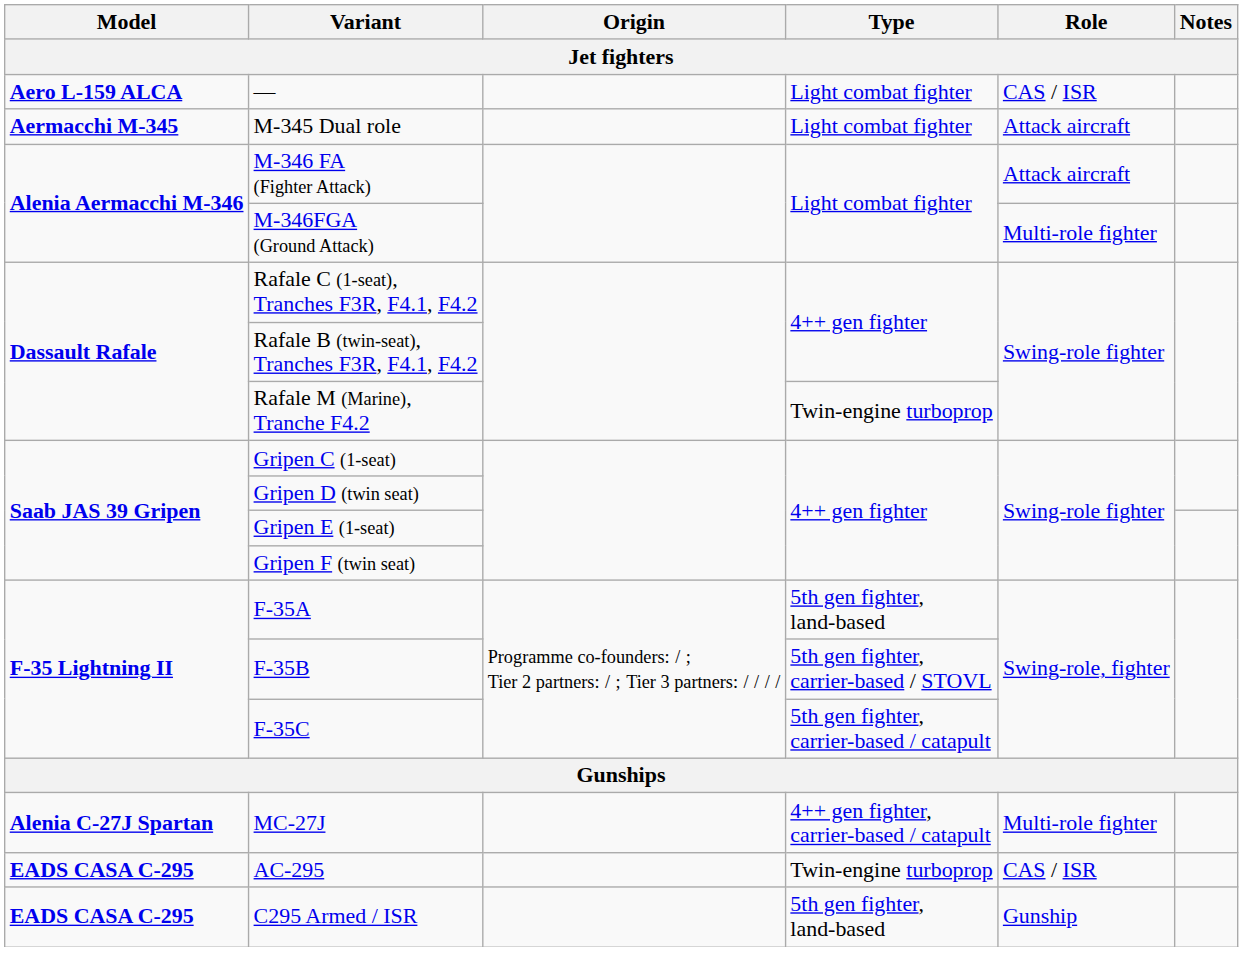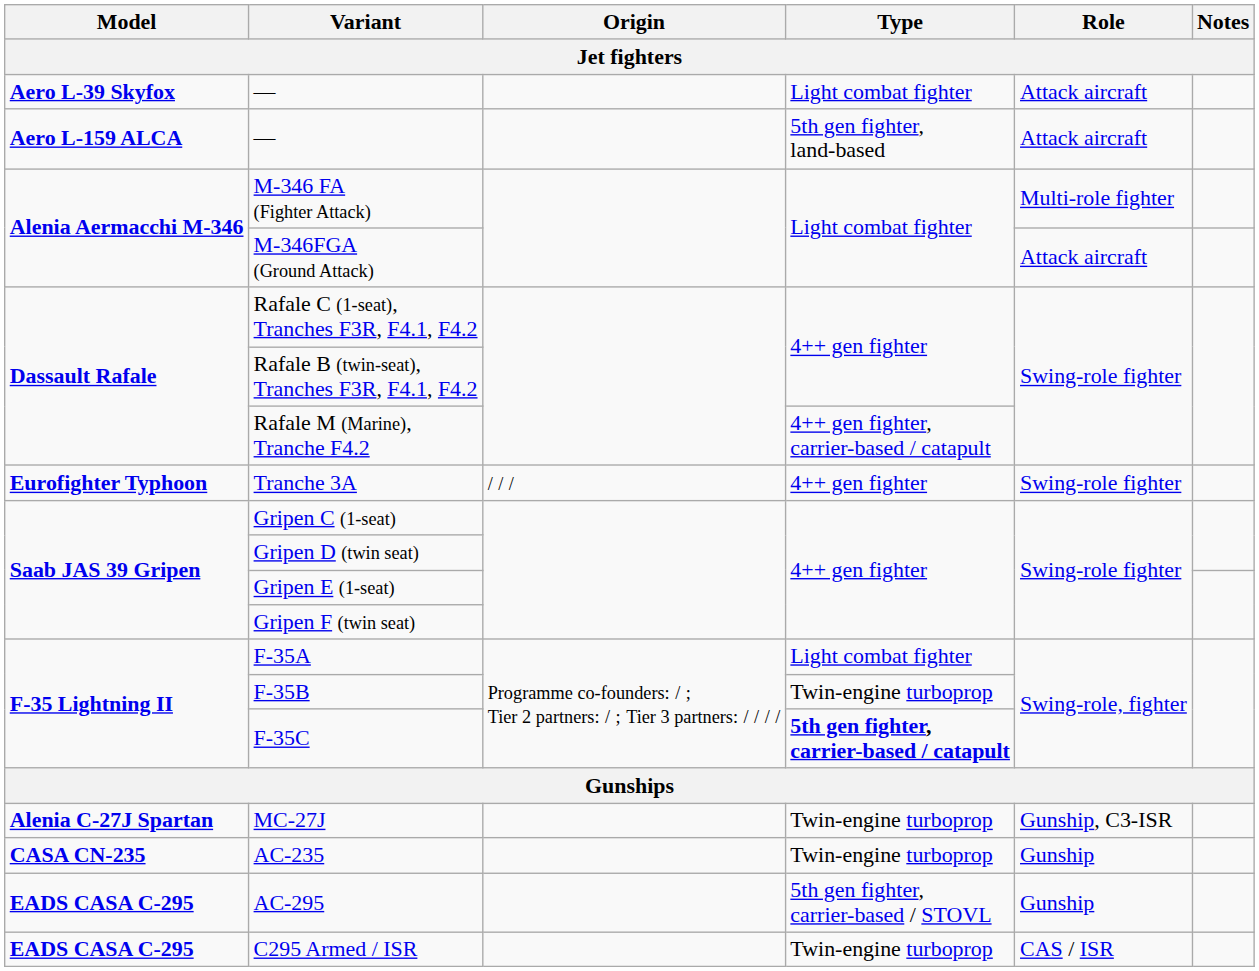 <table class="wikitable sortable">
 <tr>
 <th scope=col>Model</th>
 <th scope=col>Variant</th>
 <th scope=col>Origin</th>
 <th scope=col>Type</th>
 <th scope=col>Role</th>
 <th scope=col>Notes</th>
 </tr>
 <tr>
 <th colspan="6">Jet fighters</th>
 </tr>
 <tr>
+<td><strong><a href='#'>Aero L-39 Skyfox</a></strong></td>
+<td>—</td>
+<td><small></small></td>
+<td><a href='#'>Light combat fighter</a></td>
+<td><a href='#'>Attack aircraft</a></td>
+<td></td>
+</tr>
+<tr>
 <td><strong><a href='#'>Aero L-159 ALCA</a></strong></td>
 <td>—</td>
 <td><small></small></td>
-<td><a href='#'>Light combat fighter</a></td>
-<td><a href='#'>CAS</a> / <a href='#'>ISR</a></td>
-<td></td>
-</tr>
-<tr>
-<td><strong><a href='#'>Aermacchi M-345</a></strong></td>
-<td>M-345 Dual role</td>
-<td><small></small></td>
-<td><a href='#'>Light combat fighter</a></td>
+<td><a href='#'>5th gen fighter</a>, <br>land-based</td>
 <td><a href='#'>Attack aircraft</a></td>
 <td></td>
 </tr>
 <tr>
 <td rowspan="2"><a href='#'><strong>Alenia Aermacchi M-346</strong></a></td>
 <td><a href='#'>M-346 FA</a><br><small>(Fighter Attack)</small></td>
 <td rowspan="2"><small></small></td>
 <td rowspan="2"><a href='#'>Light combat fighter</a></td>
-<td><a href='#'>Attack aircraft</a></td>
+<td><a href='#'>Multi-role fighter</a></td>
 <td></td>
 </tr>
 <tr>
 <td><a href='#'>M-346FGA</a><br><small>(Ground Attack)</small></td>
-<td><a href='#'>Multi-role fighter</a></td>
+<td><a href='#'>Attack aircraft</a></td>
 <td></td>
 </tr>
 <tr>
 <td rowspan="3"><strong><a href='#'>Dassault Rafale</a></strong></td>
 <td>Rafale C <small>(1-seat)</small>, <br><a href='#'>Tranches F3R</a>, <a href='#'>F4.1</a>, <a href='#'>F4.2</a></td>
 <td rowspan="3"><small></small></td>
 <td rowspan="2"><a href='#'>4++ gen fighter</a></td>
 <td rowspan="3"><a href='#'>Swing-role fighter</a></td>
 <td rowspan="3"></td>
 </tr>
 <tr>
 <td>Rafale B <small>(twin-seat)</small>,<br><a href='#'>Tranches F3R</a>, <a href='#'>F4.1</a>, <a href='#'>F4.2</a></td>
 </tr>
 <tr>
 <td>Rafale M <small>(Marine)</small>, <br><a href='#'>Tranche F4.2</a></td>
-<td>Twin-engine <a href='#'>turboprop</a></td>
+<td><a href='#'>4++ gen fighter</a>, <br><a href='#'>carrier-based / catapult</a></td>
+</tr>
+<tr>
+<td><strong><a href='#'>Eurofighter Typhoon</a></strong></td>
+<td><a href='#'>Tranche 3A</a></td>
+<td><small> /</small> <small> /</small> <small> /</small> <small></small></td>
+<td><a href='#'>4++ gen fighter</a></td>
+<td><a href='#'>Swing-role fighter</a></td>
+<td></td>
 </tr>
 <tr>
 <td rowspan="4"><strong><a href='#'>Saab JAS 39 Gripen</a></strong></td>
 <td><a href='#'>Gripen C</a> <small>(1-seat)</small></td>
 <td rowspan="4"><small></small></td>
 <td rowspan="4"><a href='#'>4++ gen fighter</a></td>
 <td rowspan="4"><a href='#'>Swing-role fighter</a></td>
 <td rowspan="2"></td>
 </tr>
 <tr>
 <td><a href='#'>Gripen D</a> <small>(twin seat)</small></td>
 </tr>
 <tr>
 <td><a href='#'>Gripen E</a> <small>(1-seat)</small></td>
 <td rowspan="2"></td>
 </tr>
 <tr>
 <td><a href='#'>Gripen F</a> <small>(twin seat)</small></td>
 </tr>
 <tr>
 <td rowspan="3"><a href='#'><strong>F-35 Lightning II</strong></a></td>
 <td><a href='#'>F-35A</a></td>
 <td rowspan="3"><small>Programme co-founders:</small> <small> /</small> <small>;</small><br><small>Tier 2 partners:</small> <small> /</small> <small>;</small> <small>Tier 3 partners:</small> <small> /</small> <small> /</small> <small> /</small> <small> /</small> <small></small></td>
-<td><a href='#'>5th gen fighter</a>, <br>land-based</td>
+<td><a href='#'>Light combat fighter</a></td>
 <td rowspan="3"><a href='#'>Swing-role, fighter</a></td>
 <td rowspan="3"></td>
 </tr>
 <tr>
 <td><a href='#'>F-35B</a></td>
-<td><a href='#'>5th gen fighter</a>,<br><a href='#'>carrier-based</a> / <a href='#'>STOVL</a></td>
+<td>Twin-engine <a href='#'>turboprop</a></td>
 </tr>
 <tr>
 <td><a href='#'>F-35C</a></td>
-<td><a href='#'>5th gen fighter</a>,<br><a href='#'>carrier-based / catapult</a></td>
+<td><strong><a href='#'>5th gen fighter</a>,<br><a href='#'>carrier-based / catapult</a></strong></td>
 </tr>
 <tr>
 <th colspan="6">Gunships</th>
 </tr>
 <tr>
 <td><strong><a href='#'>Alenia C-27J Spartan</a></strong></td>
 <td><a href='#'>MC-27J</a></td>
 <td><small></small></td>
-<td><a href='#'>4++ gen fighter</a>, <br><a href='#'>carrier-based / catapult</a></td>
-<td><a href='#'>Multi-role fighter</a></td>
+<td>Twin-engine <a href='#'>turboprop</a></td>
+<td><a href='#'>Gunship</a>, C3-ISR</td>
+<td></td>
+</tr>
+<tr>
+<td><strong><a href='#'>CASA CN-235</a></strong></td>
+<td><a href='#'>AC-235</a></td>
+<td><small></small></td>
+<td>Twin-engine <a href='#'>turboprop</a></td>
+<td><a href='#'>Gunship</a></td>
 <td></td>
 </tr>
 <tr>
 <td><strong><a href='#'>EADS CASA C-295</a></strong></td>
 <td><a href='#'>AC-295</a></td>
 <td><small></small></td>
-<td>Twin-engine <a href='#'>turboprop</a></td>
-<td><a href='#'>CAS</a> / <a href='#'>ISR</a></td>
+<td><a href='#'>5th gen fighter</a>,<br><a href='#'>carrier-based</a> / <a href='#'>STOVL</a></td>
+<td><a href='#'>Gunship</a></td>
 <td></td>
 </tr>
 <tr>
 <td><strong><a href='#'>EADS CASA C-295</a></strong></td>
 <td><a href='#'>C295 Armed / ISR</a></td>
 <td><small></small></td>
-<td><a href='#'>5th gen fighter</a>, <br>land-based</td>
-<td><a href='#'>Gunship</a></td>
+<td>Twin-engine <a href='#'>turboprop</a></td>
+<td><a href='#'>CAS</a> / <a href='#'>ISR</a></td>
 <td></td>
 </tr>
 </table>
